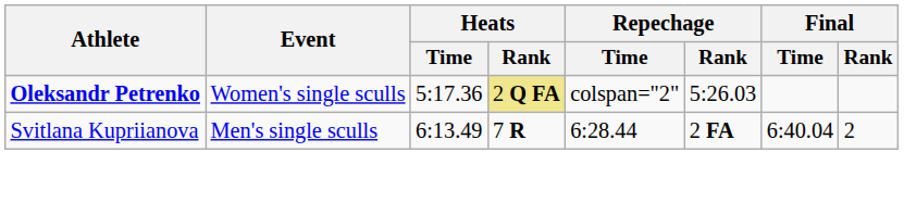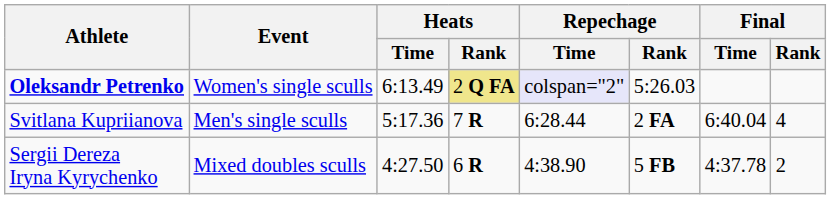 <table class="wikitable" style="font-size:90%;">
 <tr>
 <th rowspan="2">Athlete</th>
 <th rowspan="2">Event</th>
 <th colspan="2">Heats</th>
 <th colspan="2">Repechage</th>
 <th colspan="2">Final</th>
 </tr>
 <tr style="font-size:95%">
 <th>Time</th>
 <th>Rank</th>
 <th>Time</th>
 <th>Rank</th>
 <th>Time</th>
 <th>Rank</th>
 </tr>
 <tr>
 <td align=left><strong><a href='#'>Oleksandr Petrenko</a></strong></td>
 <td align=left><a href='#'>Women's single sculls</a></td>
-<td>5:17.36</td>
+<td>6:13.49</td>
 <td style="background: khaki;">2 <strong>Q FA</strong></td>
-<td>colspan="2" </td>
+<td style="background: lavender;">colspan="2" </td>
 <td>5:26.03</td>
 <td></td>
 </tr>
 <tr>
 <td align=left><a href='#'>Svitlana Kupriianova</a></td>
 <td align=left><a href='#'>Men's single sculls</a></td>
-<td>6:13.49</td>
+<td>5:17.36</td>
 <td>7 <strong>R</strong></td>
 <td>6:28.44</td>
 <td>2 <strong>FA</strong></td>
 <td>6:40.04</td>
+<td>4</td>
+</tr>
+<tr>
+<td align=left><a href='#'>Sergii Dereza</a><br> <a href='#'>Iryna Kyrychenko</a></td>
+<td align=left><a href='#'>Mixed doubles sculls</a></td>
+<td>4:27.50</td>
+<td>6 <strong>R</strong></td>
+<td>4:38.90</td>
+<td>5 <strong>FB</strong></td>
+<td>4:37.78</td>
 <td>2</td>
 </tr>
 </table>
